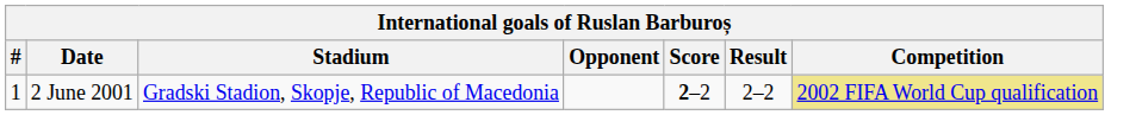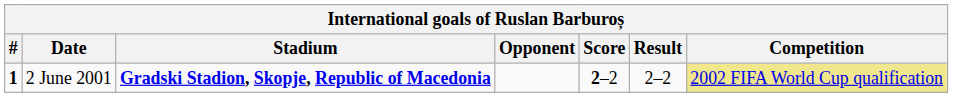 <table class="wikitable" style="text-align:center; font-size:95%;">
 <tr>
 <th colspan=7>International goals of Ruslan Barburoș</th>
 </tr>
 <tr>
 <th>#</th>
 <th>Date</th>
 <th>Stadium</th>
 <th>Opponent</th>
 <th>Score</th>
 <th>Result</th>
 <th>Competition</th>
 </tr>
 <tr>
-<td>1</td>
+<td><strong>1</strong></td>
 <td>2 June 2001</td>
-<td><a href='#'>Gradski Stadion</a>, <a href='#'>Skopje</a>, <a href='#'>Republic of Macedonia</a></td>
+<td><strong><a href='#'>Gradski Stadion</a>, <a href='#'>Skopje</a>, <a href='#'>Republic of Macedonia</a></strong></td>
 <td></td>
 <td><strong>2</strong>–2</td>
 <td>2–2</td>
 <td style="background: khaki;"><a href='#'>2002 FIFA World Cup qualification</a></td>
 </tr>
 </table>
